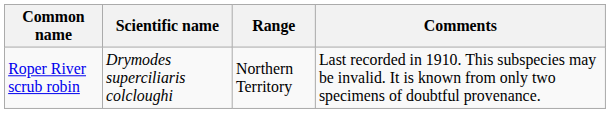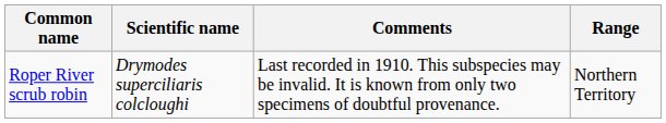 <table class="wikitable">
 <tr>
 <th>Common name</th>
 <th>Scientific name</th>
+<th class="unsortable">Comments</th>
 <th>Range</th>
-<th class="unsortable">Comments</th>
 </tr>
 <tr>
 <td><a href='#'>Roper River scrub robin</a></td>
 <td><em>Drymodes superciliaris colcloughi</em></td>
+<td>Last recorded in 1910.  This subspecies may be invalid. It is known from only two specimens of doubtful provenance.</td>
 <td>Northern Territory</td>
-<td>Last recorded in 1910.  This subspecies may be invalid. It is known from only two specimens of doubtful provenance.</td>
 </tr>
 </table>
